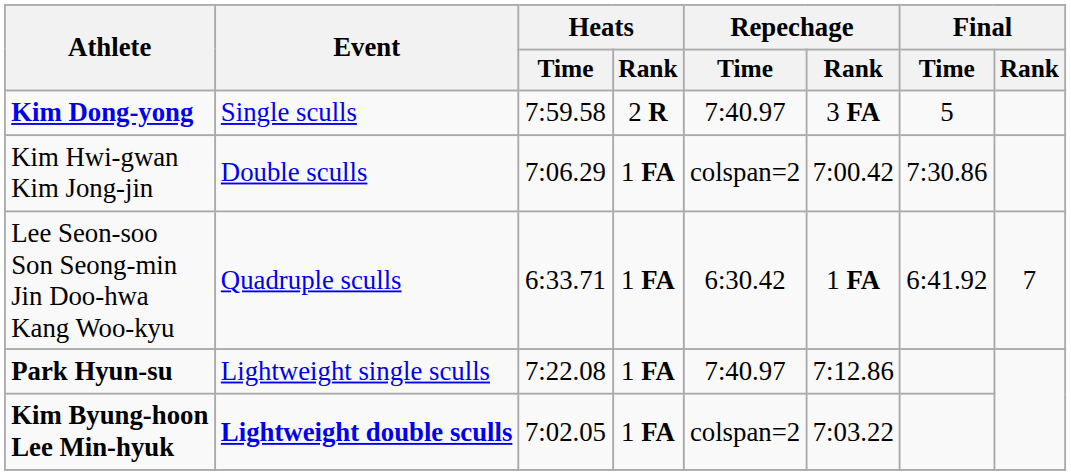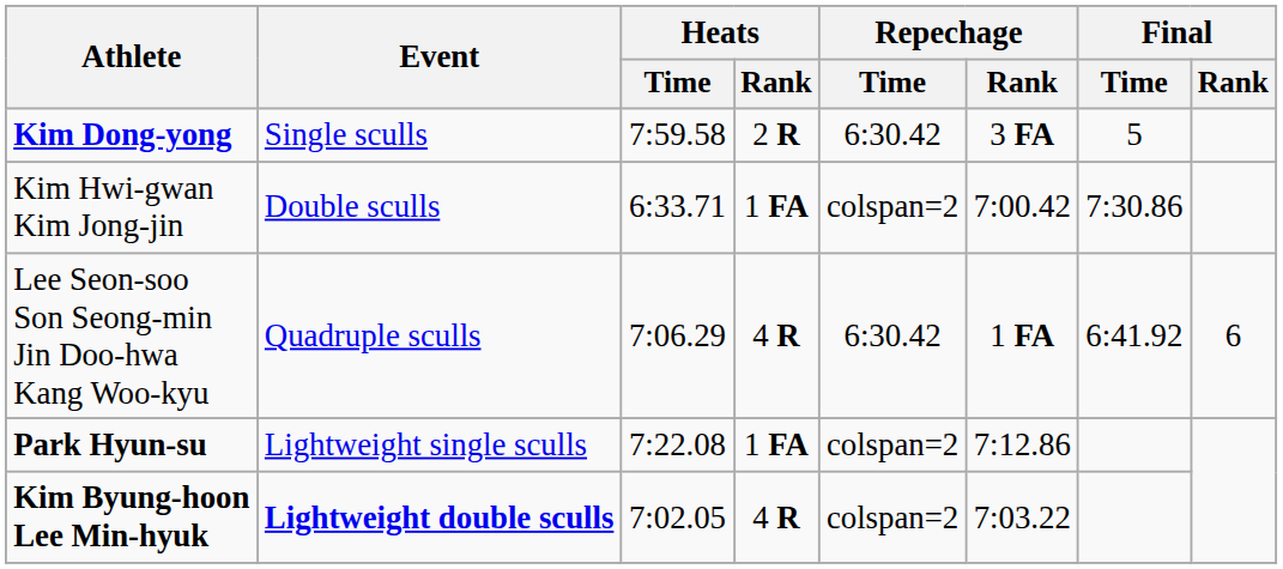 <table class=wikitable style=font-size:90%;text-align:center>
 <tr>
 <th rowspan=2>Athlete</th>
 <th rowspan=2>Event</th>
 <th colspan=2>Heats</th>
 <th colspan=2>Repechage</th>
 <th colspan=2>Final</th>
 </tr>
 <tr style="font-size:95%">
 <th>Time</th>
 <th>Rank</th>
 <th>Time</th>
 <th>Rank</th>
 <th>Time</th>
 <th>Rank</th>
 </tr>
 <tr>
 <td align=left><strong><a href='#'>Kim Dong-yong</a></strong></td>
 <td align=left><a href='#'>Single sculls</a></td>
 <td>7:59.58</td>
 <td>2 <strong>R</strong></td>
-<td>7:40.97</td>
+<td>6:30.42</td>
 <td>3 <strong>FA</strong></td>
 <td>5</td>
 <td></td>
 </tr>
 <tr>
 <td align=left>Kim Hwi-gwan<br>Kim Jong-jin</td>
 <td align=left><a href='#'>Double sculls</a></td>
-<td>7:06.29</td>
+<td>6:33.71</td>
 <td>1 <strong>FA</strong></td>
 <td>colspan=2 </td>
 <td>7:00.42</td>
 <td>7:30.86</td>
 </tr>
 <tr>
 <td align=left>Lee Seon-soo<br>Son Seong-min<br>Jin Doo-hwa<br>Kang Woo-kyu</td>
 <td align=left><a href='#'>Quadruple sculls</a></td>
-<td>6:33.71</td>
-<td>1 <strong>FA</strong></td>
+<td>7:06.29</td>
+<td>4 <strong>R</strong></td>
 <td>6:30.42</td>
 <td>1 <strong>FA</strong></td>
 <td>6:41.92</td>
-<td>7</td>
+<td>6</td>
 </tr>
 <tr>
 <td align=left><strong>Park Hyun-su</strong></td>
 <td align=left><a href='#'>Lightweight single sculls</a></td>
 <td>7:22.08</td>
 <td>1 <strong>FA</strong></td>
-<td>7:40.97</td>
+<td>colspan=2 </td>
 <td>7:12.86</td>
 <td></td>
 </tr>
 <tr>
 <td align=left><strong>Kim Byung-hoon<br>Lee Min-hyuk</strong></td>
 <td align=left><strong><a href='#'>Lightweight double sculls</a></strong></td>
 <td>7:02.05</td>
-<td>1 <strong>FA</strong></td>
+<td>4 <strong>R</strong></td>
 <td>colspan=2 </td>
 <td>7:03.22</td>
 <td></td>
 </tr>
 </table>
